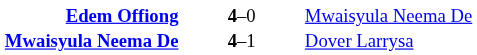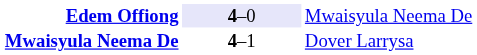 <table>
 <tr>
 <th width=200></th>
 <th width=100></th>
 <th width=200></th>
 </tr>
 <tr>
 <td align=right><strong><a href='#'>Edem Offiong</a> </strong></td>
-<td align=center><strong>4</strong>–0</td>
+<td align=center style="background: lavender;"><strong>4</strong>–0</td>
 <td> <a href='#'>Mwaisyula Neema De</a></td>
 </tr>
 <tr>
 <td align=right><strong><a href='#'>Mwaisyula Neema De</a> </strong></td>
 <td align=center><strong>4</strong>–1</td>
 <td> <a href='#'>Dover Larrysa</a></td>
 </tr>
 </table>
